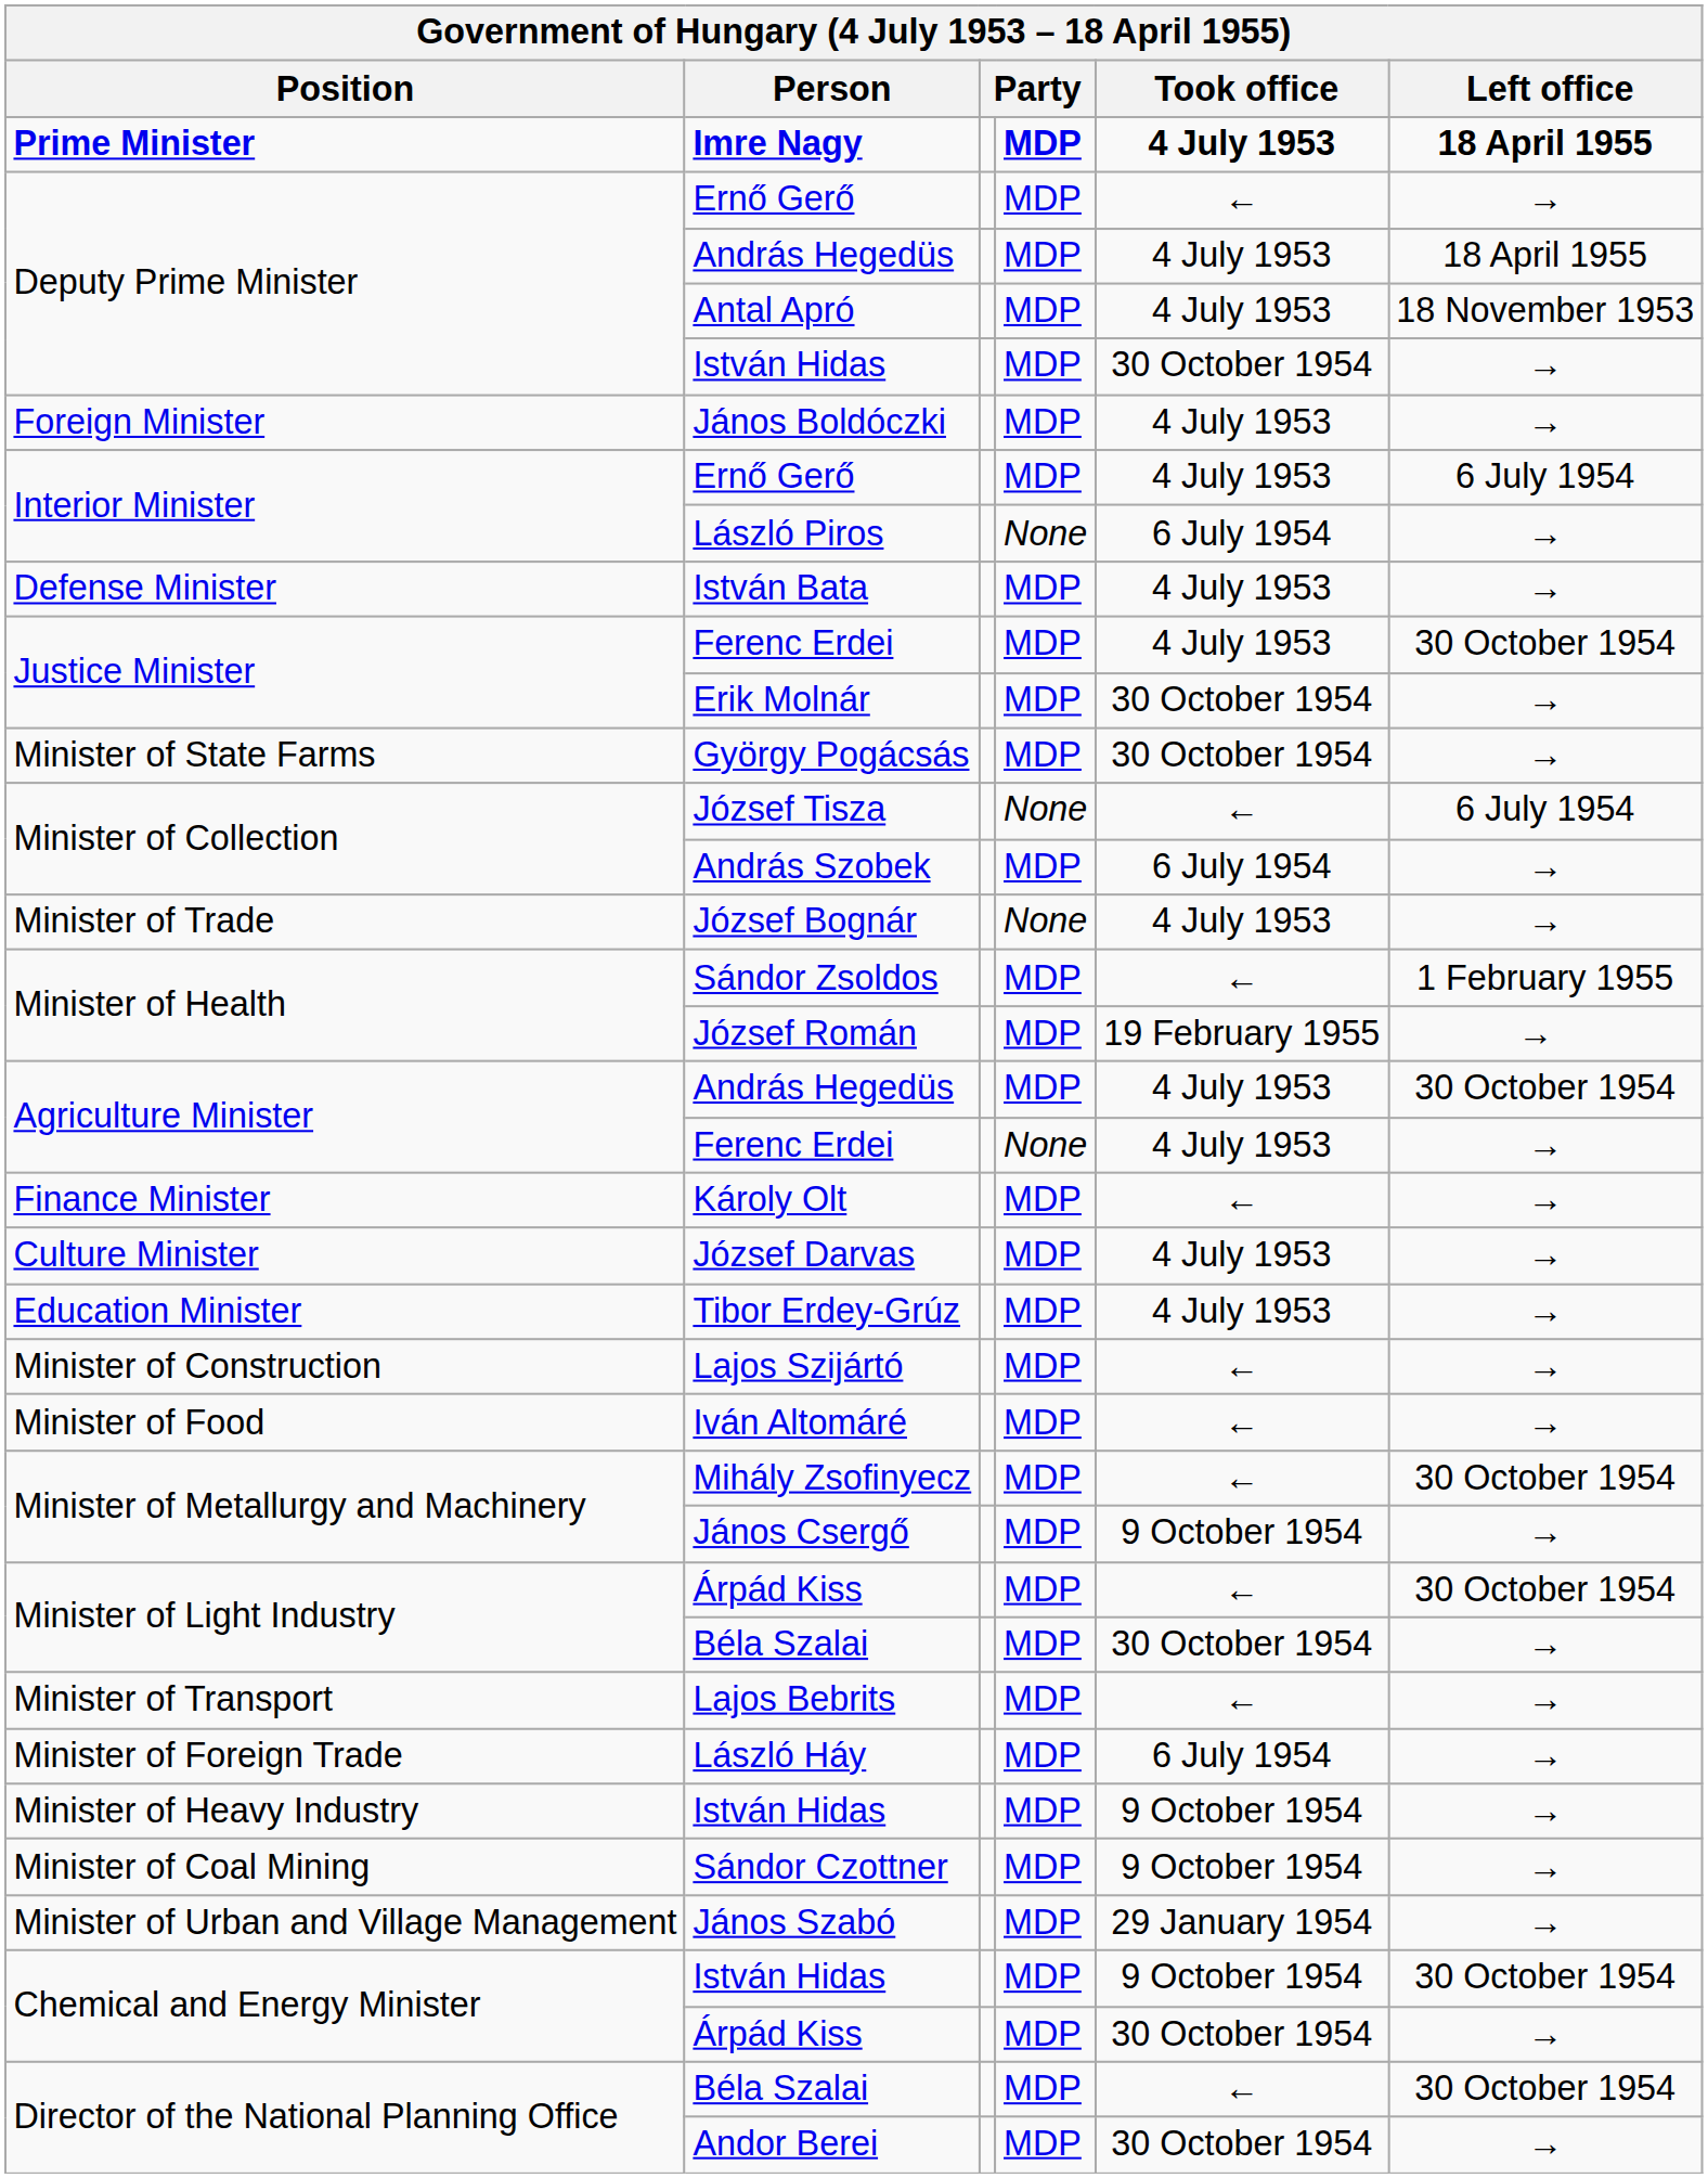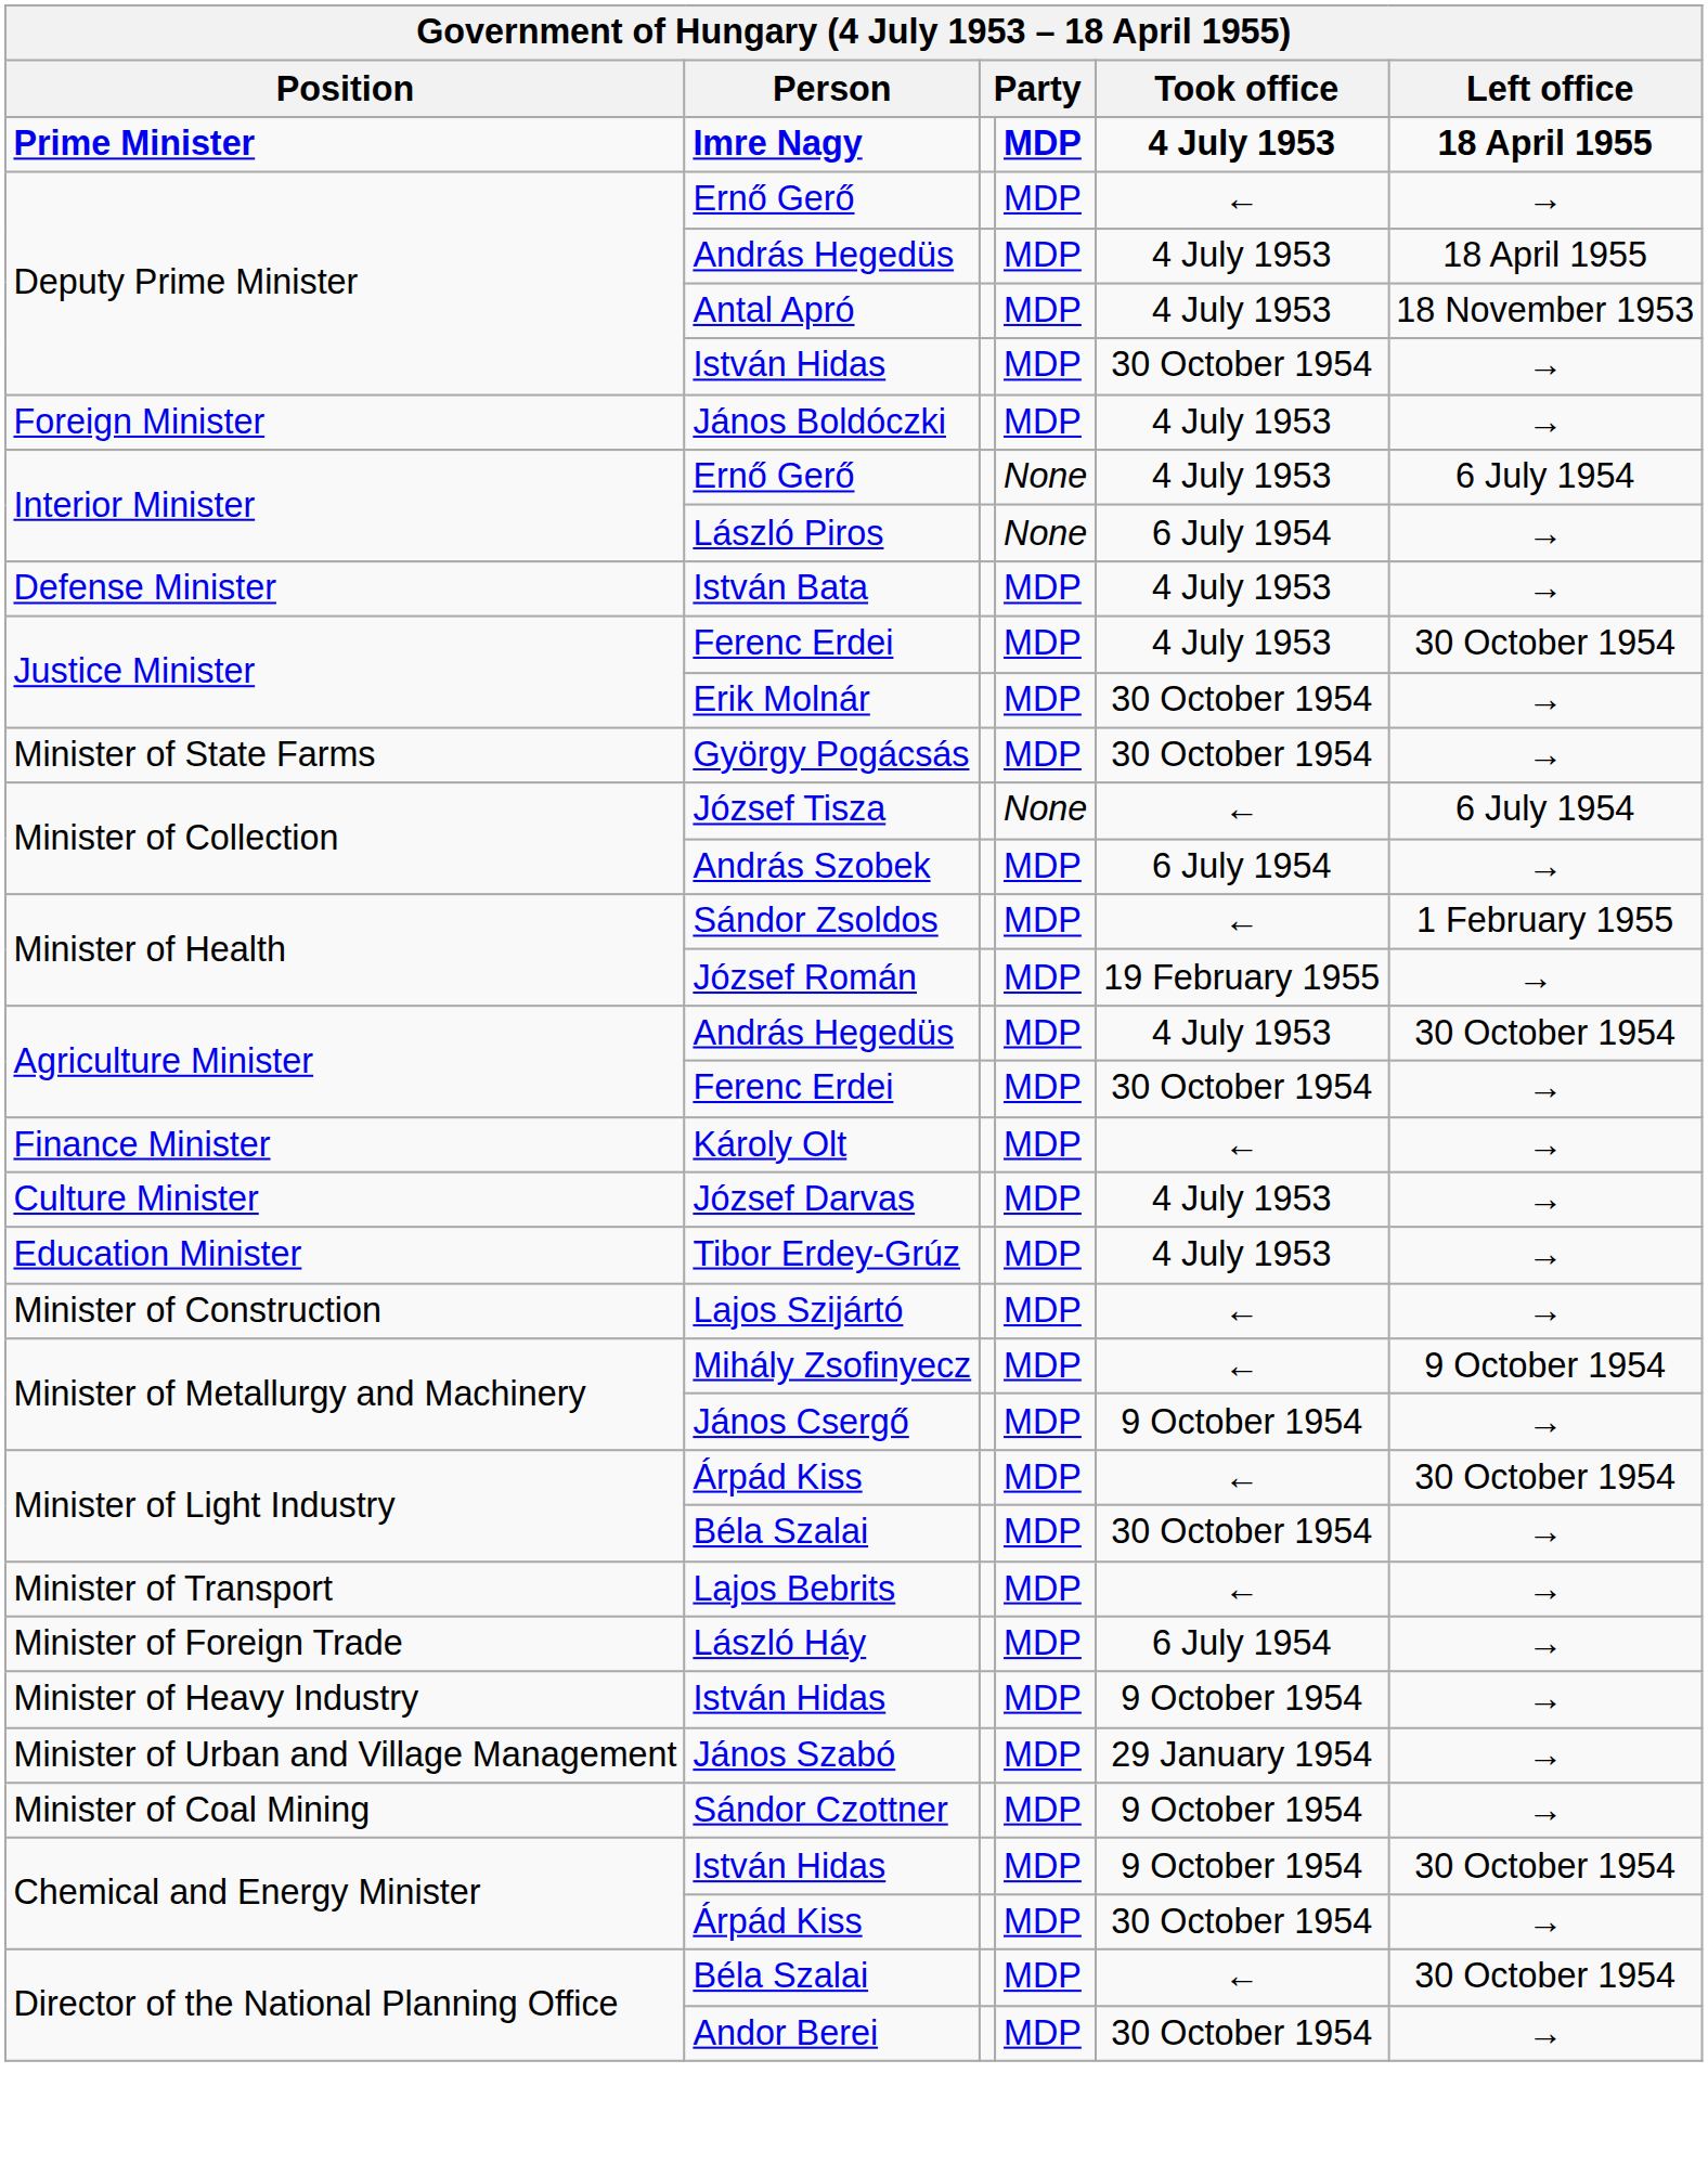 <table class=wikitable style="text-align:left">
 <tr>
 <th colspan=6>Government of Hungary (4 July 1953 – 18 April 1955)</th>
 </tr>
 <tr>
 <th>Position</th>
 <th>Person</th>
 <th colspan=2>Party</th>
 <th style="text-align:center;"> Took office</th>
 <th style="text-align:center;"> Left office</th>
 </tr>
 <tr>
 <td><strong><a href='#'>Prime Minister</a></strong></td>
 <td><strong><a href='#'>Imre Nagy</a></strong></td>
 <td style="background:"></td>
 <td><strong><a href='#'>MDP</a></strong></td>
 <td style="text-align:center;"><strong>4 July 1953</strong></td>
 <td style="text-align:center;"><strong>18 April 1955</strong></td>
 </tr>
 <tr>
 <td rowspan=4>Deputy Prime Minister</td>
 <td><a href='#'>Ernő Gerő</a></td>
 <td style="background:"></td>
 <td><a href='#'>MDP</a></td>
 <td style="text-align:center;">←</td>
 <td style="text-align:center;">→</td>
 </tr>
 <tr>
 <td><a href='#'>András Hegedüs</a></td>
 <td style="background:"></td>
 <td><a href='#'>MDP</a></td>
 <td style="text-align:center;">4 July 1953</td>
 <td style="text-align:center;">18 April 1955</td>
 </tr>
 <tr>
 <td><a href='#'>Antal Apró</a></td>
 <td style="background:"></td>
 <td><a href='#'>MDP</a></td>
 <td style="text-align:center;">4 July 1953</td>
 <td style="text-align:center;">18 November 1953</td>
 </tr>
 <tr>
 <td><a href='#'>István Hidas</a></td>
 <td style="background:"></td>
 <td><a href='#'>MDP</a></td>
 <td style="text-align:center;">30 October 1954</td>
 <td style="text-align:center;">→</td>
 </tr>
 <tr>
 <td><a href='#'>Foreign Minister</a></td>
 <td><a href='#'>János Boldóczki</a></td>
 <td style="background:"></td>
 <td><a href='#'>MDP</a></td>
 <td style="text-align:center;">4 July 1953</td>
 <td style="text-align:center;">→</td>
 </tr>
 <tr>
 <td rowspan=2><a href='#'>Interior Minister</a></td>
 <td><a href='#'>Ernő Gerő</a></td>
 <td style="background:"></td>
-<td><a href='#'>MDP</a></td>
+<td><em>None</em></td>
 <td style="text-align:center;">4 July 1953</td>
 <td style="text-align:center;">6 July 1954</td>
 </tr>
 <tr>
 <td><a href='#'>László Piros</a></td>
 <td style="background:"></td>
 <td><em>None</em></td>
 <td style="text-align:center;">6 July 1954</td>
 <td style="text-align:center;">→</td>
 </tr>
 <tr>
 <td><a href='#'>Defense Minister</a></td>
 <td><a href='#'>István Bata</a></td>
 <td style="background:"></td>
 <td><a href='#'>MDP</a></td>
 <td style="text-align:center;">4 July 1953</td>
 <td style="text-align:center;">→</td>
 </tr>
 <tr>
 <td rowspan=2><a href='#'>Justice Minister</a></td>
 <td><a href='#'>Ferenc Erdei</a></td>
 <td style="background:"></td>
 <td><a href='#'>MDP</a></td>
 <td style="text-align:center;">4 July 1953</td>
 <td style="text-align:center;">30 October 1954</td>
 </tr>
 <tr>
 <td><a href='#'>Erik Molnár</a></td>
 <td style="background:"></td>
 <td><a href='#'>MDP</a></td>
 <td style="text-align:center;">30 October 1954</td>
 <td style="text-align:center;">→</td>
 </tr>
 <tr>
 <td>Minister of State Farms</td>
 <td><a href='#'>György Pogácsás</a></td>
 <td style="background:"></td>
 <td><a href='#'>MDP</a></td>
 <td style="text-align:center;">30 October 1954</td>
 <td style="text-align:center;">→</td>
 </tr>
 <tr>
 <td rowspan=2>Minister of Collection</td>
 <td><a href='#'>József Tisza</a></td>
 <td style="background:"></td>
 <td><em>None</em></td>
 <td style="text-align:center;">←</td>
 <td style="text-align:center;">6 July 1954</td>
 </tr>
 <tr>
 <td><a href='#'>András Szobek</a></td>
 <td style="background:"></td>
 <td><a href='#'>MDP</a></td>
 <td style="text-align:center;">6 July 1954</td>
 <td style="text-align:center;">→</td>
 </tr>
 <tr>
-<td>Minister of Trade</td>
-<td><a href='#'>József Bognár</a></td>
-<td style="background:"></td>
-<td><em>None</em></td>
-<td style="text-align:center;">4 July 1953</td>
-<td style="text-align:center;">→</td>
-</tr>
-<tr>
 <td rowspan=2>Minister of Health</td>
 <td><a href='#'>Sándor Zsoldos</a></td>
 <td style="background:"></td>
 <td><a href='#'>MDP</a></td>
 <td style="text-align:center;">←</td>
 <td style="text-align:center;">1 February 1955</td>
 </tr>
 <tr>
 <td><a href='#'>József Román</a></td>
 <td style="background:"></td>
 <td><a href='#'>MDP</a></td>
 <td style="text-align:center;">19 February 1955</td>
 <td style="text-align:center;">→  </td>
 </tr>
 <tr>
 <td rowspan=2><a href='#'>Agriculture Minister</a></td>
 <td><a href='#'>András Hegedüs</a></td>
 <td style="background:"></td>
 <td><a href='#'>MDP</a></td>
 <td style="text-align:center;">4 July 1953</td>
 <td style="text-align:center;">30 October 1954</td>
 </tr>
 <tr>
 <td><a href='#'>Ferenc Erdei</a></td>
 <td style="background:"></td>
-<td><em>None</em></td>
-<td style="text-align:center;">4 July 1953</td>
+<td><a href='#'>MDP</a></td>
+<td style="text-align:center;">30 October 1954</td>
 <td style="text-align:center;">→</td>
 </tr>
 <tr>
 <td><a href='#'>Finance Minister</a></td>
 <td><a href='#'>Károly Olt</a></td>
 <td style="background:"></td>
 <td><a href='#'>MDP</a></td>
 <td style="text-align:center;">←</td>
 <td style="text-align:center;">→</td>
 </tr>
 <tr>
 <td><a href='#'>Culture Minister</a></td>
 <td><a href='#'>József Darvas</a></td>
 <td style="background:"></td>
 <td><a href='#'>MDP</a></td>
 <td style="text-align:center;">4 July 1953</td>
 <td style="text-align:center;">→</td>
 </tr>
 <tr>
 <td><a href='#'>Education Minister</a></td>
 <td><a href='#'>Tibor Erdey-Grúz</a></td>
 <td style="background:"></td>
 <td><a href='#'>MDP</a></td>
 <td style="text-align:center;">4 July 1953</td>
 <td style="text-align:center;">→</td>
 </tr>
 <tr>
 <td>Minister of Construction</td>
 <td><a href='#'>Lajos Szijártó</a></td>
 <td style="background:"></td>
 <td><a href='#'>MDP</a></td>
 <td style="text-align:center;">←</td>
 <td style="text-align:center;">→</td>
 </tr>
 <tr>
-<td>Minister of Food</td>
-<td><a href='#'>Iván Altomáré</a></td>
-<td style="background:"></td>
-<td><a href='#'>MDP</a></td>
-<td style="text-align:center;">←</td>
-<td style="text-align:center;">→</td>
-</tr>
-<tr>
 <td rowspan=2>Minister of Metallurgy and Machinery</td>
 <td><a href='#'>Mihály Zsofinyecz</a></td>
 <td style="background:"></td>
 <td><a href='#'>MDP</a></td>
 <td style="text-align:center;">←</td>
-<td style="text-align:center;">30 October 1954</td>
+<td style="text-align:center;">9 October 1954</td>
 </tr>
 <tr>
 <td><a href='#'>János Csergő</a></td>
 <td style="background:"></td>
 <td><a href='#'>MDP</a></td>
 <td style="text-align:center;">9 October 1954</td>
 <td style="text-align:center;">→</td>
 </tr>
 <tr>
 <td rowspan=2>Minister of Light Industry</td>
 <td><a href='#'>Árpád Kiss</a></td>
 <td style="background:"></td>
 <td><a href='#'>MDP</a></td>
 <td style="text-align:center;">←</td>
 <td style="text-align:center;">30 October 1954</td>
 </tr>
 <tr>
 <td><a href='#'>Béla Szalai</a></td>
 <td style="background:"></td>
 <td><a href='#'>MDP</a></td>
 <td style="text-align:center;">30 October 1954</td>
 <td style="text-align:center;">→</td>
 </tr>
 <tr>
 <td>Minister of Transport</td>
 <td><a href='#'>Lajos Bebrits</a></td>
 <td style="background:"></td>
 <td><a href='#'>MDP</a></td>
 <td style="text-align:center;">←</td>
 <td style="text-align:center;">→</td>
 </tr>
 <tr>
 <td>Minister of Foreign Trade</td>
 <td><a href='#'>László Háy</a></td>
 <td style="background:"></td>
 <td><a href='#'>MDP</a></td>
 <td style="text-align:center;">6 July 1954</td>
 <td style="text-align:center;">→</td>
 </tr>
 <tr>
 <td>Minister of Heavy Industry</td>
 <td><a href='#'>István Hidas</a></td>
 <td style="background:"></td>
 <td><a href='#'>MDP</a></td>
 <td style="text-align:center;">9 October 1954</td>
 <td style="text-align:center;">→</td>
 </tr>
 <tr>
+<td>Minister of Urban and Village Management</td>
+<td><a href='#'>János Szabó</a></td>
+<td style="background:"></td>
+<td><a href='#'>MDP</a></td>
+<td style="text-align:center;">29 January 1954</td>
+<td style="text-align:center;">→</td>
+</tr>
+<tr>
 <td>Minister of Coal Mining</td>
 <td><a href='#'>Sándor Czottner</a></td>
 <td style="background:"></td>
 <td><a href='#'>MDP</a></td>
 <td style="text-align:center;">9 October 1954</td>
-<td style="text-align:center;">→</td>
-</tr>
-<tr>
-<td>Minister of Urban and Village Management</td>
-<td><a href='#'>János Szabó</a></td>
-<td style="background:"></td>
-<td><a href='#'>MDP</a></td>
-<td style="text-align:center;">29 January 1954</td>
 <td style="text-align:center;">→</td>
 </tr>
 <tr>
 <td rowspan=2>Chemical and Energy Minister</td>
 <td><a href='#'>István Hidas</a></td>
 <td style="background:"></td>
 <td><a href='#'>MDP</a></td>
 <td style="text-align:center;">9 October 1954</td>
 <td style="text-align:center;">30 October 1954</td>
 </tr>
 <tr>
 <td><a href='#'>Árpád Kiss</a></td>
 <td style="background:"></td>
 <td><a href='#'>MDP</a></td>
 <td style="text-align:center;">30 October 1954</td>
 <td style="text-align:center;">→</td>
 </tr>
 <tr>
 <td rowspan=2>Director of the National Planning Office</td>
 <td><a href='#'>Béla Szalai</a></td>
 <td style="background:"></td>
 <td><a href='#'>MDP</a></td>
 <td style="text-align:center;">←</td>
 <td style="text-align:center;">30 October 1954</td>
 </tr>
 <tr>
 <td><a href='#'>Andor Berei</a></td>
 <td style="background:"></td>
 <td><a href='#'>MDP</a></td>
 <td style="text-align:center;">30 October 1954</td>
 <td style="text-align:center;">→</td>
 </tr>
 </table>
